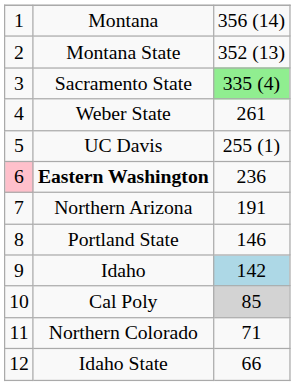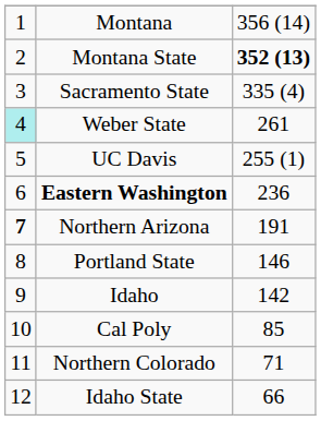 <table class="wikitable" style="display: inline-table;">
 <tr align="center">
 </tr>
 <tr align="center">
 <td>1</td>
 <td>Montana</td>
 <td>356 (14)</td>
 </tr>
 <tr align="center">
 <td>2</td>
 <td>Montana State</td>
-<td>352 (13)</td>
+<td><strong>352 (13)</strong></td>
 </tr>
 <tr align="center">
 <td>3</td>
 <td>Sacramento State</td>
-<td style="background: lightgreen;">335 (4)</td>
+<td>335 (4)</td>
 </tr>
 <tr align="center">
-<td>4</td>
+<td style="background: paleturquoise;">4</td>
 <td>Weber State</td>
 <td>261</td>
 </tr>
 <tr align="center">
 <td>5</td>
 <td>UC Davis</td>
 <td>255 (1)</td>
 </tr>
 <tr align="center">
-<td style="background: pink;">6</td>
+<td>6</td>
 <td><strong>Eastern Washington</strong></td>
 <td>236</td>
 </tr>
 <tr align="center">
-<td>7</td>
+<td><strong>7</strong></td>
 <td>Northern Arizona</td>
 <td>191</td>
 </tr>
 <tr align="center">
 <td>8</td>
 <td>Portland State</td>
 <td>146</td>
 </tr>
 <tr align="center">
 <td>9</td>
 <td>Idaho</td>
-<td style="background: lightblue;">142</td>
+<td>142</td>
 </tr>
 <tr align="center">
 <td>10</td>
 <td>Cal Poly</td>
-<td style="background: lightgrey;">85</td>
+<td>85</td>
 </tr>
 <tr align="center">
 <td>11</td>
 <td>Northern Colorado</td>
 <td>71</td>
 </tr>
 <tr align="center">
 <td>12</td>
 <td>Idaho State</td>
 <td>66</td>
 </tr>
 </table>
